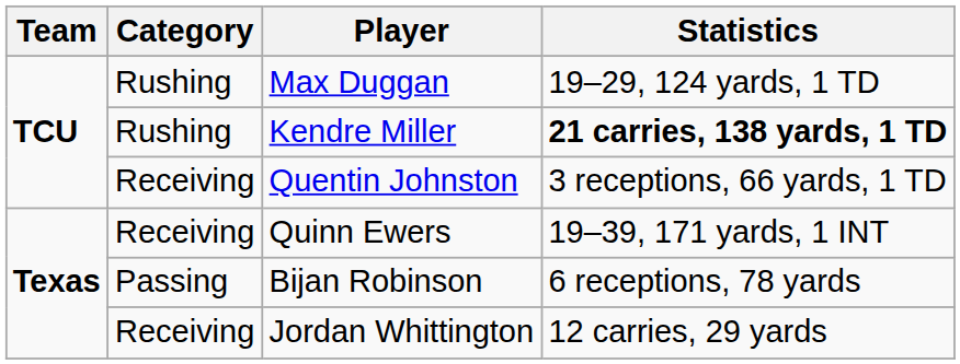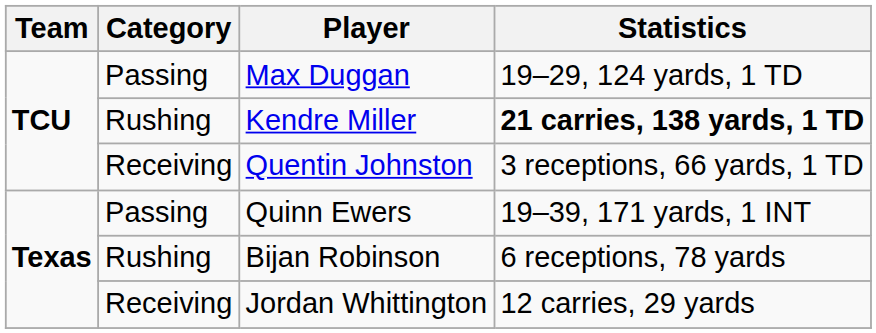 <table class="wikitable" style="float: right;">
 <tr>
 <th>Team</th>
 <th>Category</th>
 <th>Player</th>
 <th>Statistics</th>
 </tr>
 <tr>
 <td rowspan=3><strong>TCU</strong></td>
-<td>Rushing</td>
+<td>Passing</td>
 <td><a href='#'>Max Duggan</a></td>
 <td>19–29, 124 yards, 1 TD</td>
 </tr>
 <tr>
 <td>Rushing</td>
 <td><a href='#'>Kendre Miller</a></td>
 <td><strong>21 carries, 138 yards, 1 TD</strong></td>
 </tr>
 <tr>
 <td>Receiving</td>
 <td><a href='#'>Quentin Johnston</a></td>
 <td>3 receptions, 66 yards, 1 TD</td>
 </tr>
 <tr>
 <td rowspan=3><strong>Texas</strong></td>
-<td>Receiving</td>
+<td>Passing</td>
 <td>Quinn Ewers</td>
 <td>19–39, 171 yards, 1 INT</td>
 </tr>
 <tr>
-<td>Passing</td>
+<td>Rushing</td>
 <td>Bijan Robinson</td>
 <td>6 receptions, 78 yards</td>
 </tr>
 <tr>
 <td>Receiving</td>
 <td>Jordan Whittington</td>
 <td>12 carries, 29 yards</td>
 </tr>
 </table>
